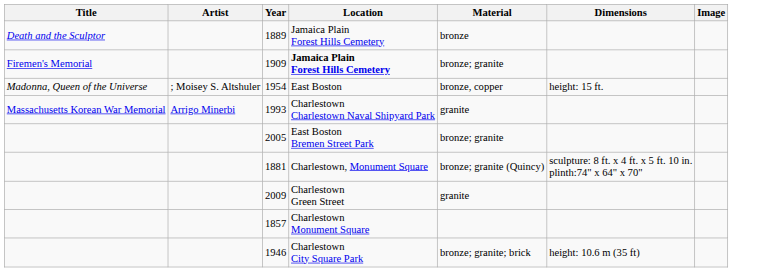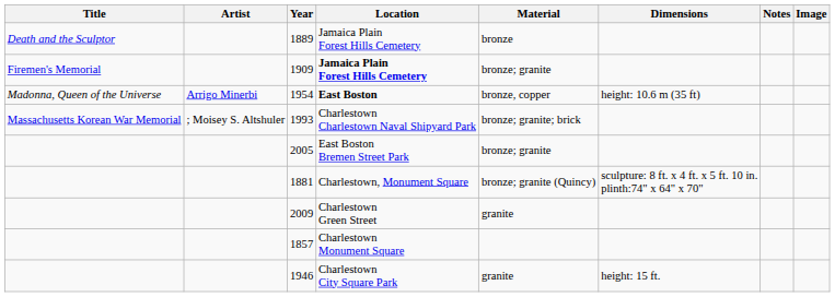 <table class="wikitable sortable">
 <tr>
 <th>Title</th>
 <th>Artist</th>
 <th>Year</th>
 <th>Location</th>
 <th>Material</th>
 <th>Dimensions</th>
+<th>Notes</th>
 <th>Image</th>
 </tr>
 <tr>
 <td><em><a href='#'>Death and the Sculptor</a></em></td>
 <td></td>
 <td>1889</td>
 <td>Jamaica Plain<br><a href='#'>Forest Hills Cemetery</a></td>
 <td>bronze</td>
+<td></td>
 <td></td>
 <td></td>
 </tr>
 <tr>
 <td><a href='#'>Firemen's Memorial</a></td>
 <td></td>
 <td>1909</td>
 <td><strong>Jamaica Plain<br><a href='#'>Forest Hills Cemetery</a></strong></td>
 <td>bronze; granite</td>
 <td></td>
 <td></td>
+<td></td>
 </tr>
 <tr>
 <td><em>Madonna, Queen of the Universe</em></td>
-<td>; Moisey S. Altshuler</td>
+<td><a href='#'>Arrigo Minerbi</a></td>
 <td>1954</td>
-<td>East Boston</td>
+<td><strong>East Boston</strong></td>
 <td>bronze, copper</td>
-<td>height: 15 ft.</td>
+<td>height: 10.6 m (35 ft)</td>
+<td></td>
 <td></td>
 </tr>
 <tr>
 <td><a href='#'>Massachusetts Korean War Memorial</a></td>
-<td><a href='#'>Arrigo Minerbi</a></td>
+<td>; Moisey S. Altshuler</td>
 <td>1993</td>
 <td>Charlestown<br><a href='#'>Charlestown Naval Shipyard Park</a></td>
-<td>granite</td>
+<td>bronze; granite; brick</td>
+<td></td>
 <td></td>
 <td></td>
 </tr>
 <tr>
 <td></td>
 <td></td>
 <td>2005</td>
 <td>East Boston<br><a href='#'>Bremen Street Park</a></td>
 <td>bronze; granite</td>
 <td></td>
 <td></td>
+<td></td>
 </tr>
 <tr>
 <td></td>
 <td></td>
 <td>1881</td>
 <td>Charlestown, <a href='#'>Monument Square</a></td>
 <td>bronze; granite (Quincy)</td>
 <td>sculpture: 8 ft. x 4 ft. x 5 ft. 10 in.<br>plinth:74" x 64" x 70"</td>
 <td></td>
+<td></td>
 </tr>
 <tr>
 <td></td>
 <td></td>
 <td>2009</td>
 <td>Charlestown<br>Green Street </td>
 <td>granite</td>
+<td></td>
 <td></td>
 <td></td>
 </tr>
 <tr>
 <td></td>
 <td></td>
 <td>1857</td>
 <td>Charlestown<br><a href='#'>Monument Square</a></td>
 <td></td>
 <td></td>
 <td></td>
+<td></td>
 </tr>
 <tr>
 <td></td>
 <td></td>
 <td>1946</td>
 <td>Charlestown<br><a href='#'>City Square Park</a></td>
-<td>bronze; granite; brick</td>
-<td>height: 10.6 m (35 ft)</td>
+<td>granite</td>
+<td>height: 15 ft.</td>
+<td></td>
 <td></td>
 </tr>
 </table>
